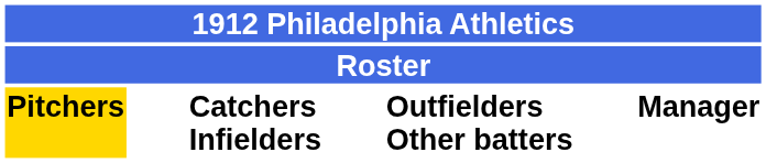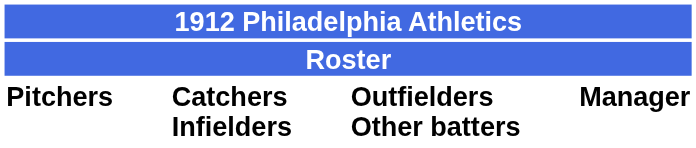 <table class="toccolours" style="font-size: 95%;">
 <tr>
 <th colspan="10" style="background-color: #4169e1; color: white; text-align: center;">1912 Philadelphia Athletics</th>
 </tr>
 <tr>
 <td colspan="10" style="background-color: #4169e1; color: white; text-align: center;"><strong>Roster</strong></td>
 </tr>
 <tr>
-<td valign="top" style="background: gold;"><strong>Pitchers</strong><br>                </td>
+<td valign="top"><strong>Pitchers</strong><br>                </td>
 <td width="25px"></td>
 <td valign="top"><strong>Catchers</strong><br>   <strong>Infielders</strong>       </td>
 <td width="25px"></td>
 <td valign="top"><strong>Outfielders</strong><br>       <strong>Other batters</strong> </td>
 <td width="25px"></td>
 <td valign="top"><strong>Manager</strong><br></td>
 </tr>
 </table>
